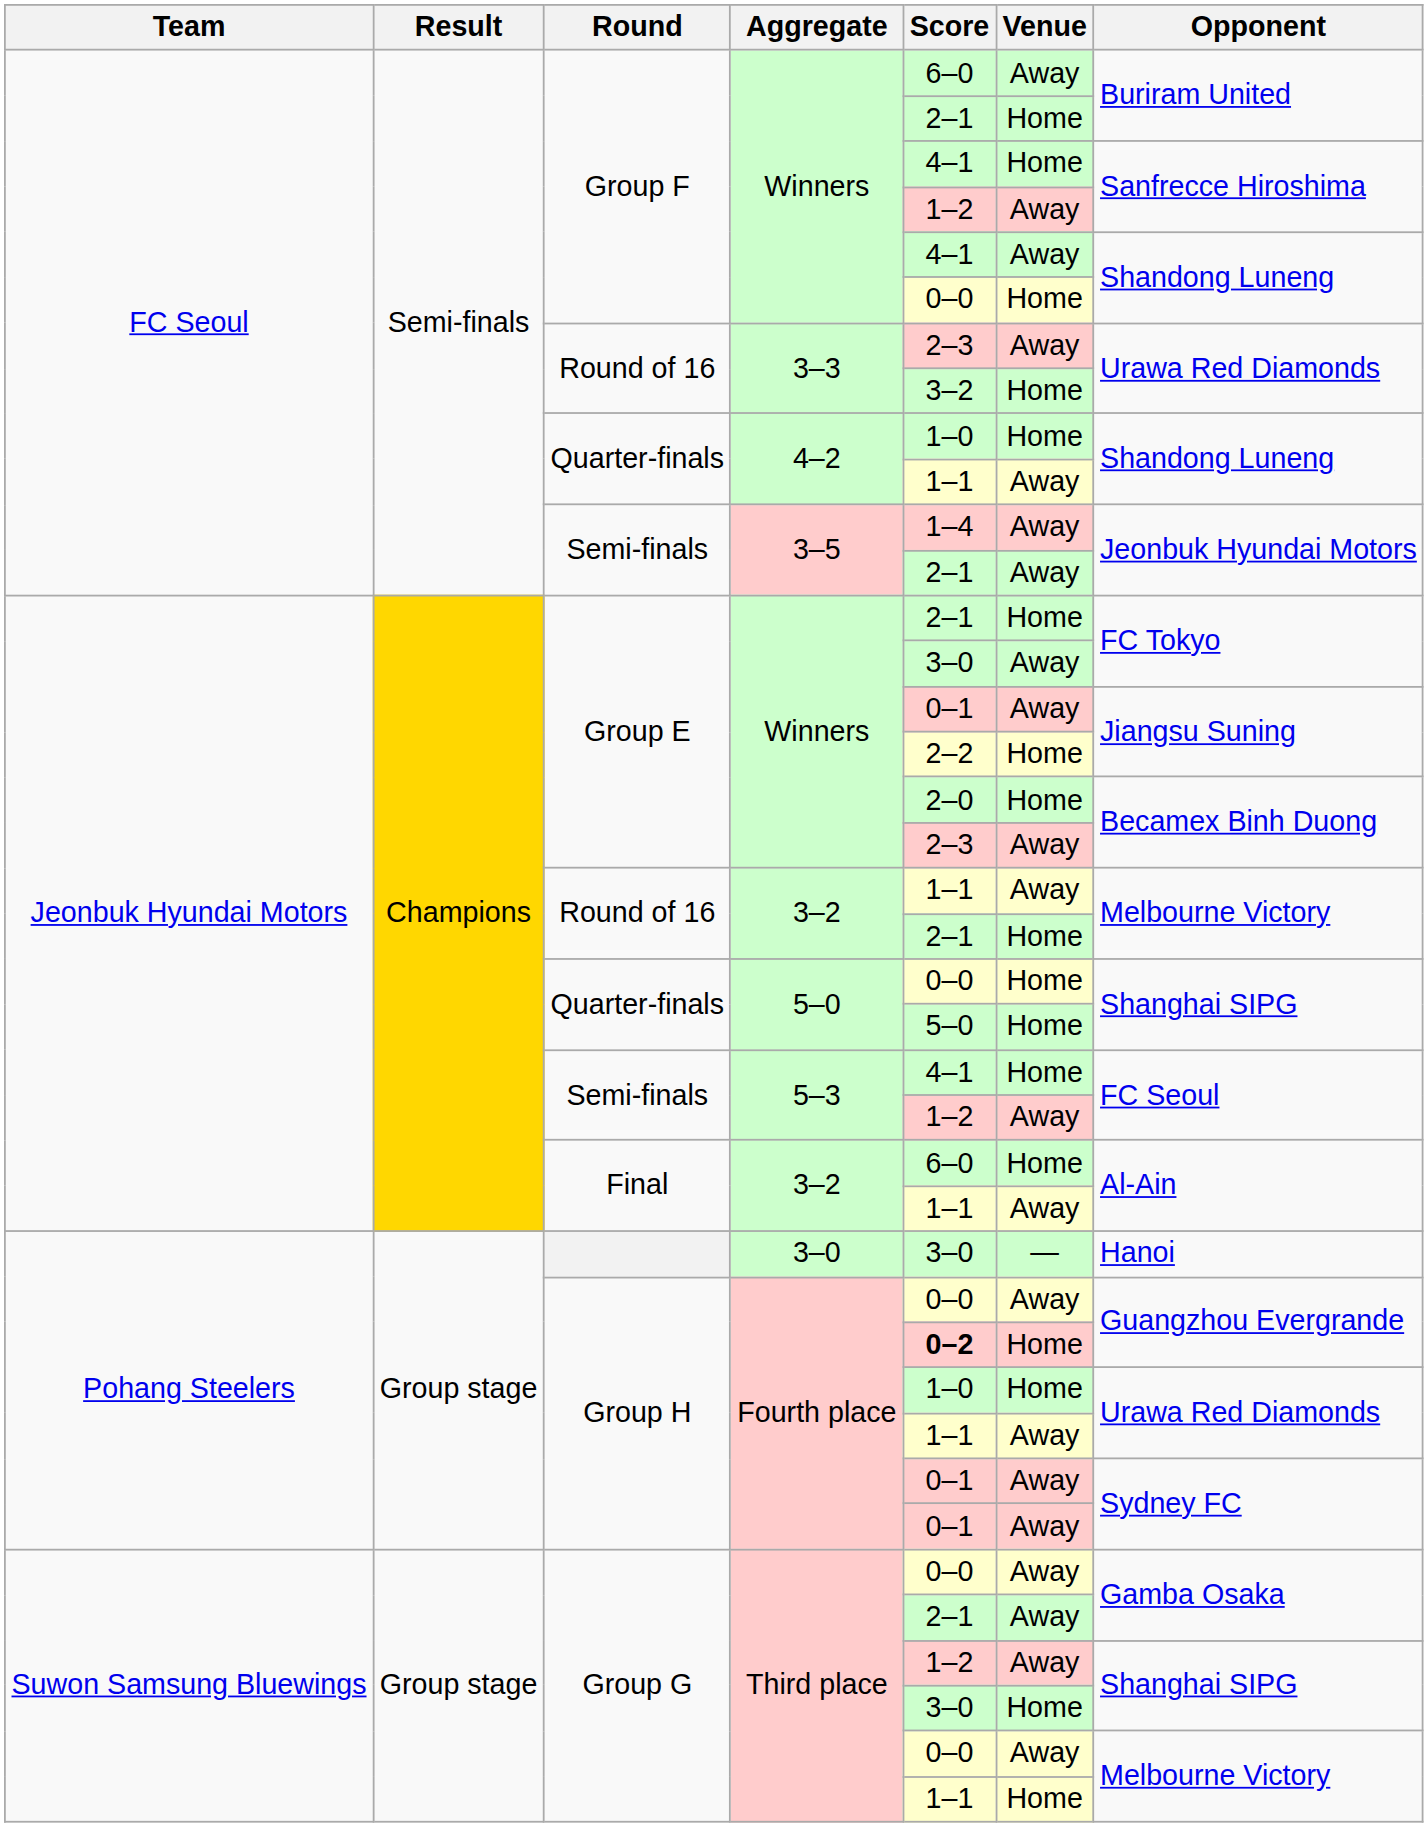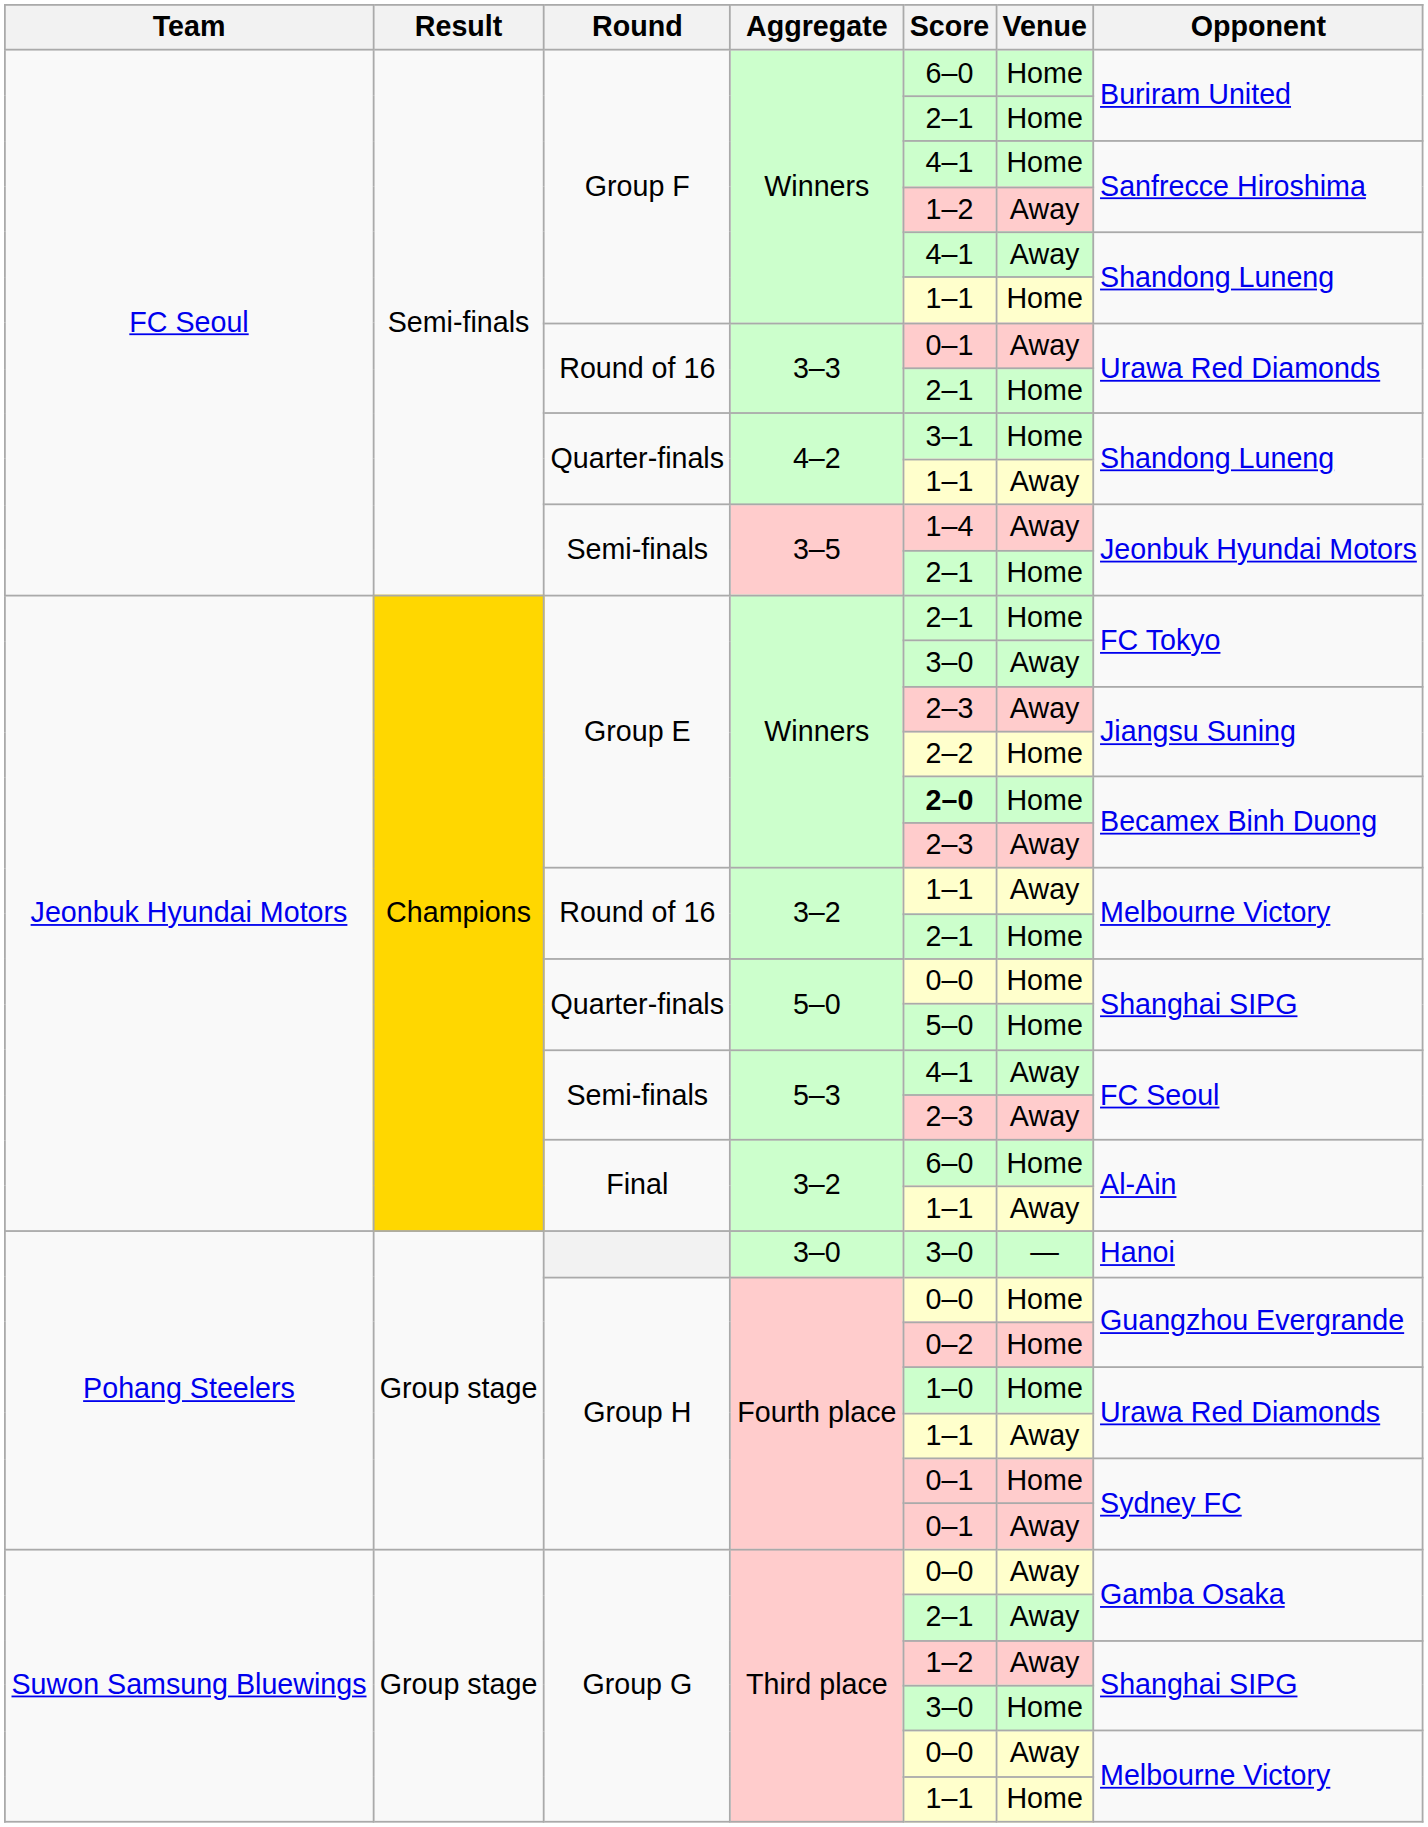 <table class="wikitable" style="text-align:center;">
 <tr>
 <th>Team</th>
 <th>Result</th>
 <th>Round</th>
 <th>Aggregate</th>
 <th>Score</th>
 <th>Venue</th>
 <th>Opponent</th>
 </tr>
 <tr>
 <td rowspan="12"><a href='#'>FC Seoul</a></td>
 <td rowspan="12">Semi-finals</td>
 <td rowspan="6">Group F</td>
 <td rowspan="6" bgcolor="#cfc">Winners</td>
 <td bgcolor="#cfc">6–0</td>
-<td bgcolor="#cfc">Away</td>
+<td bgcolor="#cfc">Home</td>
 <td rowspan="2" align="left"> <a href='#'>Buriram United</a></td>
 </tr>
 <tr>
 <td bgcolor="#cfc">2–1</td>
 <td bgcolor="#cfc">Home</td>
 </tr>
 <tr>
 <td bgcolor="#cfc">4–1</td>
 <td bgcolor="#cfc">Home</td>
 <td rowspan="2" align="left"> <a href='#'>Sanfrecce Hiroshima</a></td>
 </tr>
 <tr>
 <td bgcolor="#fcc">1–2</td>
 <td bgcolor="#fcc">Away</td>
 </tr>
 <tr>
 <td bgcolor="#cfc">4–1</td>
 <td bgcolor="#cfc">Away</td>
 <td rowspan="2" align="left"> <a href='#'>Shandong Luneng</a></td>
 </tr>
 <tr>
-<td bgcolor="#ffc">0–0</td>
+<td bgcolor="#ffc">1–1</td>
 <td bgcolor="#ffc">Home</td>
 </tr>
 <tr>
 <td rowspan="2">Round of 16</td>
 <td rowspan="2" bgcolor="#cfc">3–3 </td>
-<td bgcolor="#fcc">2–3</td>
+<td bgcolor="#fcc">0–1</td>
 <td bgcolor="#fcc">Away</td>
 <td rowspan="2" align="left"> <a href='#'>Urawa Red Diamonds</a></td>
 </tr>
 <tr>
-<td bgcolor="#cfc">3–2 </td>
+<td bgcolor="#cfc">2–1</td>
 <td bgcolor="#cfc">Home</td>
 </tr>
 <tr>
 <td rowspan="2">Quarter-finals</td>
 <td rowspan="2" bgcolor="#cfc">4–2</td>
-<td bgcolor="#cfc">1–0</td>
+<td bgcolor="#cfc">3–1</td>
 <td bgcolor="#cfc">Home</td>
 <td rowspan="2" align="left"> <a href='#'>Shandong Luneng</a></td>
 </tr>
 <tr>
 <td bgcolor="#ffc">1–1</td>
 <td bgcolor="#ffc">Away</td>
 </tr>
 <tr>
 <td rowspan="2">Semi-finals</td>
 <td rowspan="2" bgcolor="#fcc">3–5</td>
 <td bgcolor="#fcc">1–4</td>
 <td bgcolor="#fcc">Away</td>
 <td rowspan="2" align="left"> <a href='#'>Jeonbuk Hyundai Motors</a></td>
 </tr>
 <tr>
 <td bgcolor="#cfc">2–1</td>
-<td bgcolor="#cfc">Away</td>
+<td bgcolor="#cfc">Home</td>
 </tr>
 <tr>
 <td rowspan="14"><a href='#'>Jeonbuk Hyundai Motors</a></td>
 <td rowspan="14" bgcolor="gold">Champions</td>
 <td rowspan="6">Group E</td>
 <td rowspan="6" bgcolor="#cfc">Winners</td>
 <td bgcolor="#cfc">2–1</td>
 <td bgcolor="#cfc">Home</td>
 <td rowspan="2" align="left"> <a href='#'>FC Tokyo</a></td>
 </tr>
 <tr>
 <td bgcolor="#cfc">3–0</td>
 <td bgcolor="#cfc">Away</td>
 </tr>
 <tr>
-<td bgcolor="#fcc">0–1</td>
+<td bgcolor="#fcc">2–3</td>
 <td bgcolor="#fcc">Away</td>
 <td rowspan="2" align="left"> <a href='#'>Jiangsu Suning</a></td>
 </tr>
 <tr>
 <td bgcolor="#ffc">2–2</td>
 <td bgcolor="#ffc">Home</td>
 </tr>
 <tr>
-<td bgcolor="#cfc">2–0</td>
+<td bgcolor="#cfc"><strong>2–0</strong></td>
 <td bgcolor="#cfc">Home</td>
 <td rowspan="2" align="left"> <a href='#'>Becamex Binh Duong</a></td>
 </tr>
 <tr>
 <td bgcolor="#fcc">2–3</td>
 <td bgcolor="#fcc">Away</td>
 </tr>
 <tr>
 <td rowspan="2">Round of 16</td>
 <td rowspan="2" bgcolor="#cfc">3–2</td>
 <td bgcolor="#ffc">1–1</td>
 <td bgcolor="#ffc">Away</td>
 <td rowspan="2" align="left"> <a href='#'>Melbourne Victory</a></td>
 </tr>
 <tr>
 <td bgcolor="#cfc">2–1</td>
 <td bgcolor="#cfc">Home</td>
 </tr>
 <tr>
 <td rowspan="2">Quarter-finals</td>
 <td rowspan="2" bgcolor="#cfc">5–0</td>
 <td bgcolor="#ffc">0–0</td>
 <td bgcolor="#ffc">Home</td>
 <td rowspan="2" align="left"> <a href='#'>Shanghai SIPG</a></td>
 </tr>
 <tr>
 <td bgcolor="#cfc">5–0</td>
 <td bgcolor="#cfc">Home</td>
 </tr>
 <tr>
 <td rowspan="2">Semi-finals</td>
 <td rowspan="2" bgcolor="#cfc">5–3</td>
 <td bgcolor="#cfc">4–1</td>
-<td bgcolor="#cfc">Home</td>
+<td bgcolor="#cfc">Away</td>
 <td rowspan="2" align="left"> <a href='#'>FC Seoul</a></td>
 </tr>
 <tr>
-<td bgcolor="#fcc">1–2</td>
+<td bgcolor="#fcc">2–3</td>
 <td bgcolor="#fcc">Away</td>
 </tr>
 <tr>
 <td rowspan="2">Final</td>
 <td rowspan="2" bgcolor="#cfc">3–2</td>
 <td bgcolor="#cfc">6–0</td>
 <td bgcolor="#cfc">Home</td>
 <td rowspan="2" align="left"> <a href='#'>Al-Ain</a></td>
 </tr>
 <tr>
 <td bgcolor="#ffc">1–1</td>
 <td bgcolor="#ffc">Away</td>
 </tr>
 <tr>
 <td rowspan="7"><a href='#'>Pohang Steelers</a></td>
 <td rowspan="7">Group stage</td>
 <th></th>
 <td bgcolor="#cfc">3–0</td>
 <td bgcolor="#cfc">3–0</td>
 <td bgcolor="#cfc">—</td>
 <td align="left"> <a href='#'>Hanoi</a></td>
 </tr>
 <tr>
 <td rowspan="6">Group H</td>
 <td rowspan="6" bgcolor="#fcc">Fourth place</td>
 <td bgcolor="#ffc">0–0</td>
-<td bgcolor="#ffc">Away</td>
+<td bgcolor="#ffc">Home</td>
 <td rowspan="2" align="left"> <a href='#'>Guangzhou Evergrande</a></td>
 </tr>
 <tr>
-<td bgcolor="#fcc"><strong>0–2</strong></td>
+<td bgcolor="#fcc">0–2</td>
 <td bgcolor="#fcc">Home</td>
 </tr>
 <tr>
 <td bgcolor="#cfc">1–0</td>
 <td bgcolor="#cfc">Home</td>
 <td rowspan="2" align="left"> <a href='#'>Urawa Red Diamonds</a></td>
 </tr>
 <tr>
 <td bgcolor="#ffc">1–1</td>
 <td bgcolor="#ffc">Away</td>
 </tr>
 <tr>
 <td bgcolor="#fcc">0–1</td>
-<td bgcolor="#fcc">Away</td>
+<td bgcolor="#fcc">Home</td>
 <td rowspan="2" align="left"> <a href='#'>Sydney FC</a></td>
 </tr>
 <tr>
 <td bgcolor="#fcc">0–1</td>
 <td bgcolor="#fcc">Away</td>
 </tr>
 <tr>
 <td rowspan="6"><a href='#'>Suwon Samsung Bluewings</a></td>
 <td rowspan="6">Group stage</td>
 <td rowspan="6">Group G</td>
 <td rowspan="6" bgcolor="#fcc">Third place</td>
 <td bgcolor="#ffc">0–0</td>
 <td bgcolor="#ffc">Away</td>
 <td rowspan="2" align="left"> <a href='#'>Gamba Osaka</a></td>
 </tr>
 <tr>
 <td bgcolor="#cfc">2–1</td>
 <td bgcolor="#cfc">Away</td>
 </tr>
 <tr>
 <td bgcolor="#fcc">1–2</td>
 <td bgcolor="#fcc">Away</td>
 <td rowspan="2" align="left"> <a href='#'>Shanghai SIPG</a></td>
 </tr>
 <tr>
 <td bgcolor="#cfc">3–0</td>
 <td bgcolor="#cfc">Home</td>
 </tr>
 <tr>
 <td bgcolor="#ffc">0–0</td>
 <td bgcolor="#ffc">Away</td>
 <td rowspan="2" align="left"> <a href='#'>Melbourne Victory</a></td>
 </tr>
 <tr>
 <td bgcolor="#ffc">1–1</td>
 <td bgcolor="#ffc">Home</td>
 </tr>
 </table>
